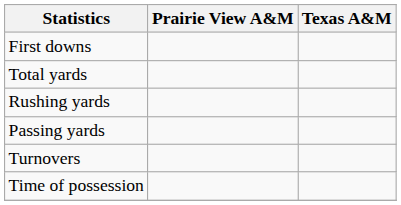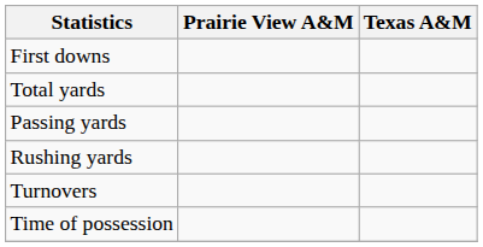 <table class="wikitable">
 <tr>
 <th>Statistics</th>
 <th>Prairie View A&M</th>
 <th>Texas A&M</th>
 </tr>
 <tr>
 <td>First downs</td>
 <td> </td>
 <td> </td>
 </tr>
 <tr>
 <td>Total yards</td>
 <td> </td>
 <td> </td>
 </tr>
 <tr>
-<td>Rushing yards</td>
+<td>Passing yards</td>
 <td> </td>
 <td> </td>
 </tr>
 <tr>
-<td>Passing yards</td>
+<td>Rushing yards</td>
 <td> </td>
 <td> </td>
 </tr>
 <tr>
 <td>Turnovers</td>
 <td> </td>
 <td> </td>
 </tr>
 <tr>
 <td>Time of possession</td>
 <td> </td>
 <td> </td>
 </tr>
 <tr>
 </tr>
 </table>
